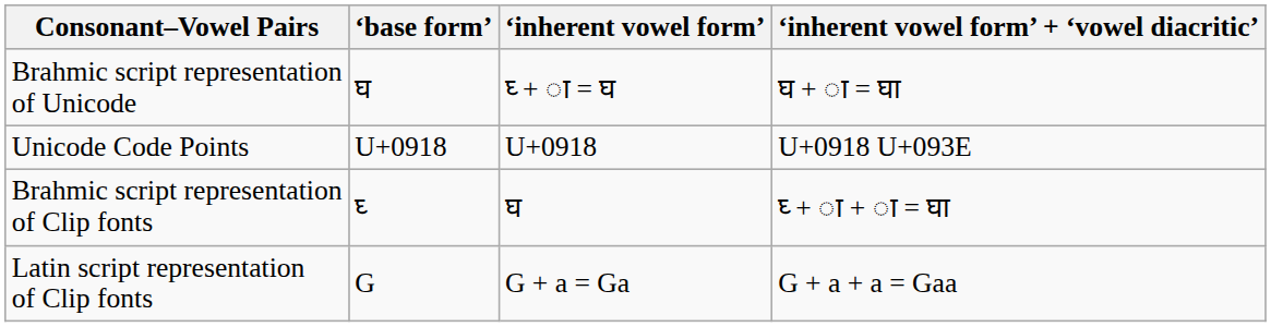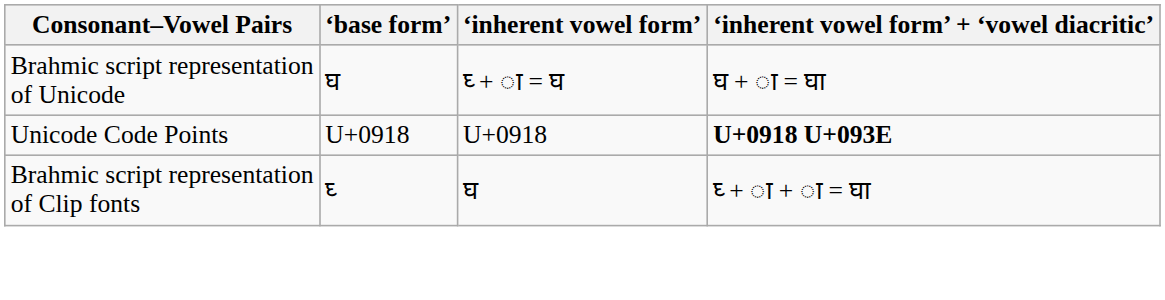 <table class="wikitable">
 <tr>
 <th>Consonant–Vowel Pairs</th>
 <th>‘base form’</th>
 <th>‘inherent vowel form’</th>
 <th>‘inherent vowel form’ + ‘vowel diacritic’</th>
 </tr>
 <tr>
 <td>Brahmic script representation<br>of Unicode</td>
 <td>घ</td>
 <td>घ्‍ + ा = घ</td>
 <td>घ + ा = घा</td>
 </tr>
 <tr>
 <td>Unicode Code Points</td>
 <td>U+0918</td>
 <td>U+0918</td>
-<td>U+0918 U+093E</td>
+<td><strong>U+0918 U+093E</strong></td>
 </tr>
 <tr>
 <td>Brahmic script representation<br>of Clip fonts</td>
 <td>घ्‍</td>
 <td>घ</td>
 <td>घ्‍ + ा + ा = घा</td>
 </tr>
-<tr>
-<td>Latin script representation<br>of Clip fonts</td>
-<td>G</td>
-<td>G + a = Ga</td>
-<td>G + a + a = Gaa</td>
-</tr>
 </table>
